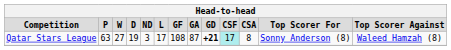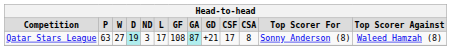 <table class="wikitable sortable" style="text-align:center">
 <tr>
 <th colspan=13>Head-to-head</th>
 </tr>
 <tr>
 <th style="background:#DCDCDC">Competition</th>
 <th style="background:#DCDCDC">P</th>
 <th style="background:#DCDCDC">W</th>
 <th style="background:#DCDCDC">D</th>
 <th style="background:#DCDCDC">ND</th>
 <th style="background:#DCDCDC">L</th>
 <th style="background:#DCDCDC">GF</th>
 <th style="background:#DCDCDC">GA</th>
 <th style="background:#DCDCDC">GD</th>
 <th style="background:#DCDCDC">CSF</th>
 <th style="background:#DCDCDC">CSA</th>
 <th style="background:#DCDCDC">Top Scorer For</th>
 <th style="background:#DCDCDC">Top Scorer Against</th>
 </tr>
 <tr>
 <td align=left><a href='#'>Qatar Stars League</a></td>
 <td>63</td>
 <td>27</td>
-<td>19</td>
+<td style="background: paleturquoise;">19</td>
 <td>3</td>
 <td>17</td>
 <td>108</td>
-<td>87</td>
-<td><strong>+21</strong></td>
-<td style="background: paleturquoise;">17</td>
+<td style="background: paleturquoise;">87</td>
+<td>+21</td>
+<td>17</td>
 <td>8</td>
 <td><a href='#'>Sonny Anderson</a> (8)</td>
 <td><a href='#'>Waleed Hamzah</a> (8)</td>
 </tr>
 <tr>
 </tr>
 </table>
